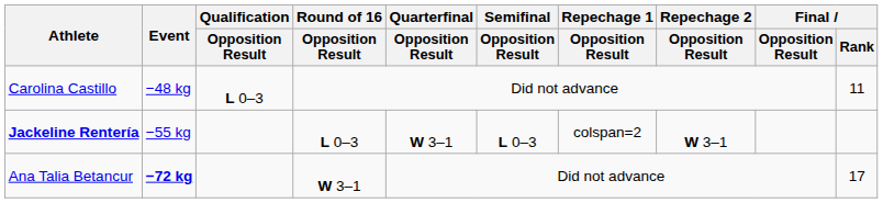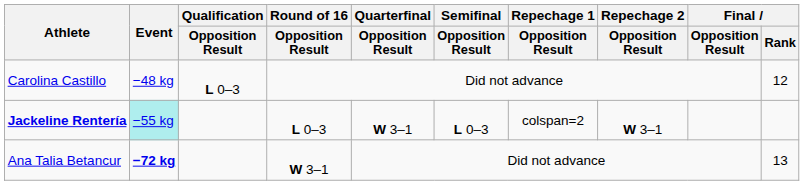 <table class="wikitable" style="font-size:90%">
 <tr>
 <th rowspan="2">Athlete</th>
 <th rowspan="2">Event</th>
 <th>Qualification</th>
 <th>Round of 16</th>
 <th>Quarterfinal</th>
 <th>Semifinal</th>
 <th>Repechage 1</th>
 <th>Repechage 2</th>
 <th colspan=2>Final / </th>
 </tr>
 <tr style="font-size: 95%">
 <th>Opposition<br>Result</th>
 <th>Opposition<br>Result</th>
 <th>Opposition<br>Result</th>
 <th>Opposition<br>Result</th>
 <th>Opposition<br>Result</th>
 <th>Opposition<br>Result</th>
 <th>Opposition<br>Result</th>
 <th>Rank</th>
 </tr>
 <tr align=center>
 <td align=left><a href='#'>Carolina Castillo</a></td>
 <td align=left><a href='#'>−48 kg</a></td>
 <td><br><strong>L</strong> 0–3 <sup></sup></td>
 <td colspan=6>Did not advance</td>
-<td>11</td>
+<td>12</td>
 </tr>
 <tr align=center>
 <td align=left><strong><a href='#'>Jackeline Rentería</a></strong></td>
-<td align=left><a href='#'>−55 kg</a></td>
+<td align=left style="background: paleturquoise;"><a href='#'>−55 kg</a></td>
 <td></td>
 <td><br><strong>L</strong> 0–3 <sup></sup></td>
 <td><br><strong>W</strong> 3–1 <sup></sup></td>
 <td><br><strong>L</strong> 0–3 <sup></sup></td>
 <td>colspan=2 </td>
 <td><br><strong>W</strong> 3–1 <sup></sup></td>
 <td></td>
 </tr>
 <tr align=center>
 <td align=left><a href='#'>Ana Talia Betancur</a></td>
 <td align=left><strong><a href='#'>−72 kg</a></strong></td>
 <td></td>
 <td><br><strong>W</strong> 3–1 <sup></sup></td>
 <td colspan=5>Did not advance</td>
-<td>17</td>
+<td>13</td>
 </tr>
 </table>
